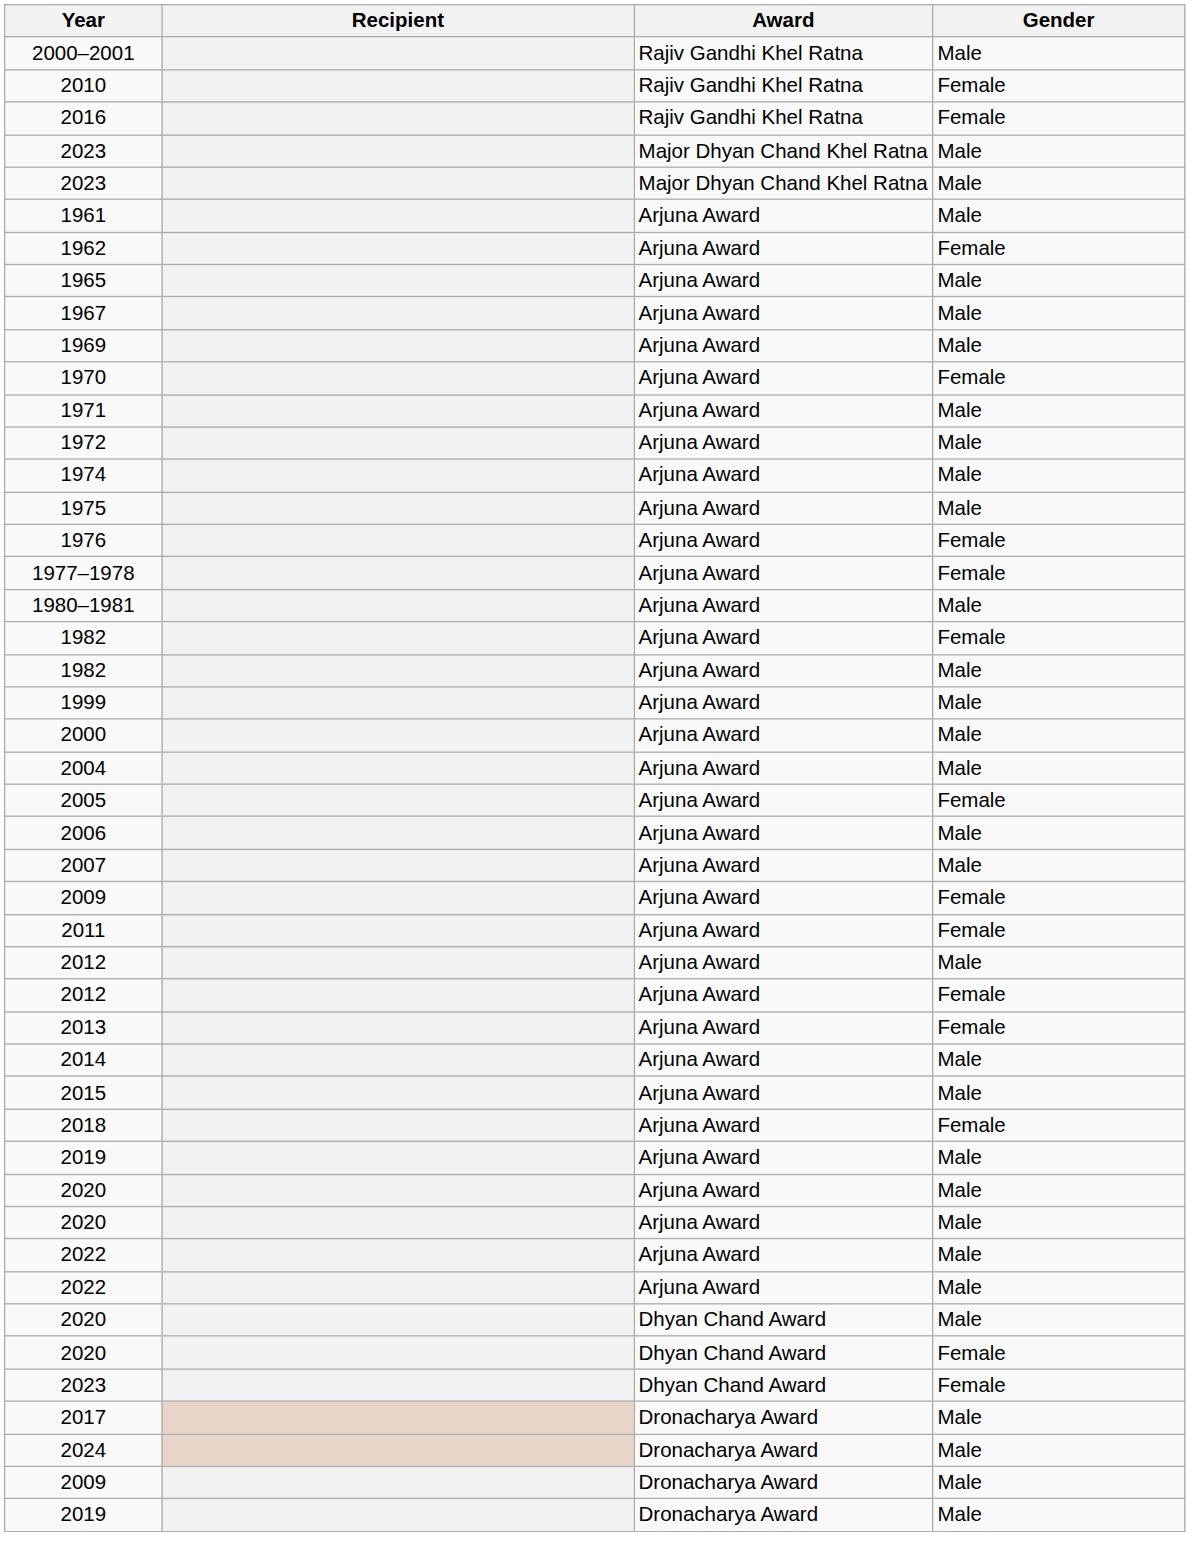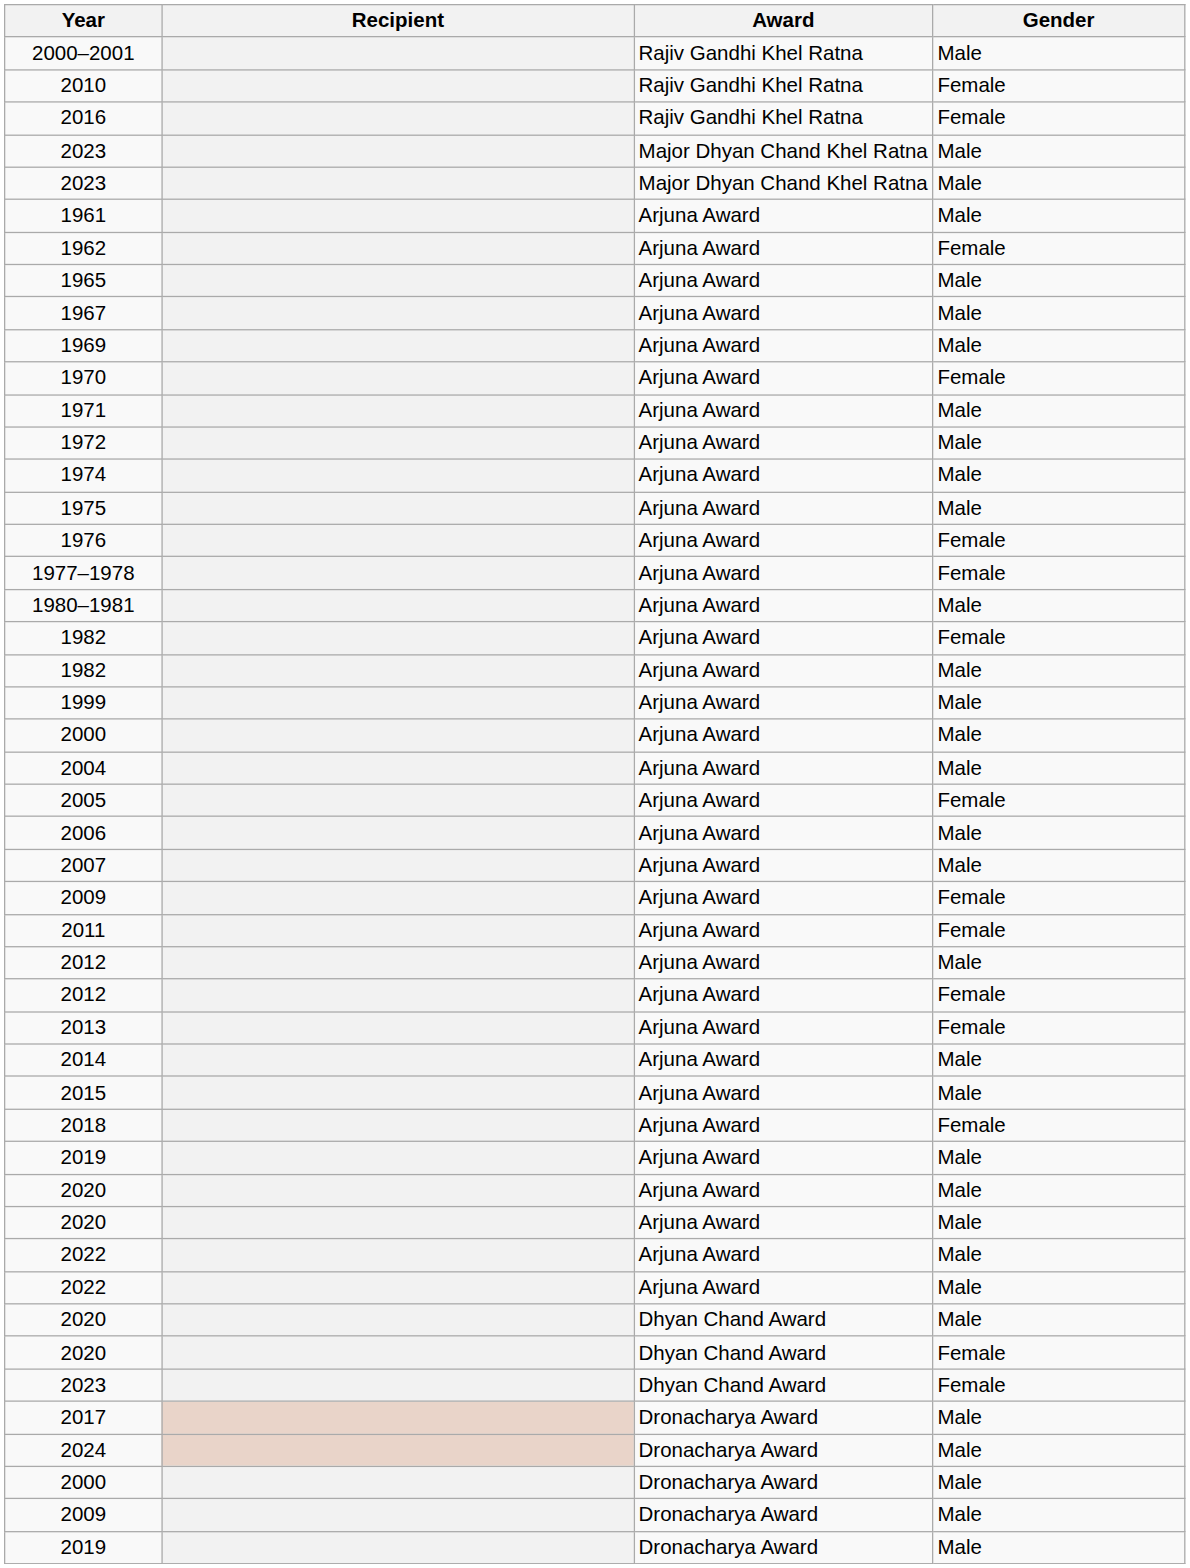 <table class="wikitable plainrowheaders sortable" style="width:73%">
 <tr>
 <th scope="col" style="width:10%">Year</th>
 <th scope="col" style="width:30%">Recipient</th>
 <th scope="col" style="width:19%">Award</th>
 <th scope="col" style="width:16%">Gender</th>
 </tr>
 <tr>
 <td style="text-align:center;">2000–2001</td>
 <th scope="row"></th>
 <td>Rajiv Gandhi Khel Ratna</td>
 <td>Male</td>
 </tr>
 <tr>
 <td style="text-align:center;">2010</td>
 <th scope="row"></th>
 <td>Rajiv Gandhi Khel Ratna</td>
 <td>Female</td>
 </tr>
 <tr>
 <td style="text-align:center;">2016</td>
 <th scope="row"></th>
 <td>Rajiv Gandhi Khel Ratna</td>
 <td>Female</td>
 </tr>
 <tr>
 <td style="text-align:center;">2023</td>
 <th scope="row"></th>
 <td>Major Dhyan Chand Khel Ratna</td>
 <td>Male</td>
 </tr>
 <tr>
 <td style="text-align:center;">2023</td>
 <th scope="row"></th>
 <td>Major Dhyan Chand Khel Ratna</td>
 <td>Male</td>
 </tr>
 <tr>
 <td style="text-align:center;">1961</td>
 <th scope="row"></th>
 <td>Arjuna Award</td>
 <td>Male</td>
 </tr>
 <tr>
 <td style="text-align:center;">1962</td>
 <th scope="row"></th>
 <td>Arjuna Award</td>
 <td>Female</td>
 </tr>
 <tr>
 <td style="text-align:center;">1965</td>
 <th scope="row"></th>
 <td>Arjuna Award</td>
 <td>Male</td>
 </tr>
 <tr>
 <td style="text-align:center;">1967</td>
 <th scope="row"></th>
 <td>Arjuna Award</td>
 <td>Male</td>
 </tr>
 <tr>
 <td style="text-align:center;">1969</td>
 <th scope="row"></th>
 <td>Arjuna Award</td>
 <td>Male</td>
 </tr>
 <tr>
 <td style="text-align:center;">1970</td>
 <th scope="row"></th>
 <td>Arjuna Award</td>
 <td>Female</td>
 </tr>
 <tr>
 <td style="text-align:center;">1971</td>
 <th scope="row"></th>
 <td>Arjuna Award</td>
 <td>Male</td>
 </tr>
 <tr>
 <td style="text-align:center;">1972</td>
 <th scope="row"></th>
 <td>Arjuna Award</td>
 <td>Male</td>
 </tr>
 <tr>
 <td style="text-align:center;">1974</td>
 <th scope="row"></th>
 <td>Arjuna Award</td>
 <td>Male</td>
 </tr>
 <tr>
 <td style="text-align:center;">1975</td>
 <th scope="row"></th>
 <td>Arjuna Award</td>
 <td>Male</td>
 </tr>
 <tr>
 <td style="text-align:center;">1976</td>
 <th scope="row"></th>
 <td>Arjuna Award</td>
 <td>Female</td>
 </tr>
 <tr>
 <td style="text-align:center;">1977–1978</td>
 <th scope="row"></th>
 <td>Arjuna Award</td>
 <td>Female</td>
 </tr>
 <tr>
 <td style="text-align:center;">1980–1981</td>
 <th scope="row"></th>
 <td>Arjuna Award</td>
 <td>Male</td>
 </tr>
 <tr>
 <td style="text-align:center;">1982</td>
 <th scope="row"></th>
 <td>Arjuna Award</td>
 <td>Female</td>
 </tr>
 <tr>
 <td style="text-align:center;">1982</td>
 <th scope="row"></th>
 <td>Arjuna Award</td>
 <td>Male</td>
 </tr>
 <tr>
 <td style="text-align:center;">1999</td>
 <th scope="row"></th>
 <td>Arjuna Award</td>
 <td>Male</td>
 </tr>
 <tr>
 <td style="text-align:center;">2000</td>
 <th scope="row"></th>
 <td>Arjuna Award</td>
 <td>Male</td>
 </tr>
 <tr>
 <td style="text-align:center;">2004</td>
 <th scope="row"></th>
 <td>Arjuna Award</td>
 <td>Male</td>
 </tr>
 <tr>
 <td style="text-align:center;">2005</td>
 <th scope="row"></th>
 <td>Arjuna Award</td>
 <td>Female</td>
 </tr>
 <tr>
 <td style="text-align:center;">2006</td>
 <th scope="row"></th>
 <td>Arjuna Award</td>
 <td>Male</td>
 </tr>
 <tr>
 <td style="text-align:center;">2007</td>
 <th scope="row"></th>
 <td>Arjuna Award</td>
 <td>Male</td>
 </tr>
 <tr>
 <td style="text-align:center;">2009</td>
 <th scope="row"></th>
 <td>Arjuna Award</td>
 <td>Female</td>
 </tr>
 <tr>
 <td style="text-align:center;">2011</td>
 <th scope="row"></th>
 <td>Arjuna Award</td>
 <td>Female</td>
 </tr>
 <tr>
 <td style="text-align:center;">2012</td>
 <th scope="row"></th>
 <td>Arjuna Award</td>
 <td>Male</td>
 </tr>
 <tr>
 <td style="text-align:center;">2012</td>
 <th scope="row"></th>
 <td>Arjuna Award</td>
 <td>Female</td>
 </tr>
 <tr>
 <td style="text-align:center;">2013</td>
 <th scope="row"></th>
 <td>Arjuna Award</td>
 <td>Female</td>
 </tr>
 <tr>
 <td style="text-align:center;">2014</td>
 <th scope="row"></th>
 <td>Arjuna Award</td>
 <td>Male</td>
 </tr>
 <tr>
 <td style="text-align:center;">2015</td>
 <th scope="row"></th>
 <td>Arjuna Award</td>
 <td>Male</td>
 </tr>
 <tr>
 <td style="text-align:center;">2018</td>
 <th scope="row"></th>
 <td>Arjuna Award</td>
 <td>Female</td>
 </tr>
 <tr>
 <td style="text-align:center;">2019</td>
 <th scope="row"></th>
 <td>Arjuna Award</td>
 <td>Male</td>
 </tr>
 <tr>
 <td style="text-align:center;">2020</td>
 <th scope="row"></th>
 <td>Arjuna Award</td>
 <td>Male</td>
 </tr>
 <tr>
 <td style="text-align:center;">2020</td>
 <th scope="row"></th>
 <td>Arjuna Award</td>
 <td>Male</td>
 </tr>
 <tr>
 <td style="text-align:center;">2022</td>
 <th scope="row"></th>
 <td>Arjuna Award</td>
 <td>Male</td>
 </tr>
 <tr>
 <td style="text-align:center;">2022</td>
 <th scope="row"></th>
 <td>Arjuna Award</td>
 <td>Male</td>
 </tr>
 <tr>
 <td style="text-align:center;">2020</td>
 <th scope="row"></th>
 <td>Dhyan Chand Award</td>
 <td>Male</td>
 </tr>
 <tr>
 <td style="text-align:center;">2020</td>
 <th scope="row"></th>
 <td>Dhyan Chand Award</td>
 <td>Female</td>
 </tr>
 <tr>
 <td style="text-align:center;">2023</td>
 <th scope="row"></th>
 <td>Dhyan Chand Award</td>
 <td>Female</td>
 </tr>
 <tr>
 <td style="text-align:center;">2017</td>
 <th scope="row" style="background-color:#E9D4C9"> </th>
 <td>Dronacharya Award</td>
 <td>Male</td>
 </tr>
 <tr>
 <td style="text-align:center;">2024</td>
 <th scope="row" style="background-color:#E9D4C9"> </th>
 <td>Dronacharya Award</td>
 <td>Male</td>
 </tr>
 <tr>
+<td style="text-align:center;">2000</td>
+<th scope="row"></th>
+<td>Dronacharya Award</td>
+<td>Male</td>
+</tr>
+<tr>
 <td style="text-align:center;">2009</td>
 <th scope="row"></th>
 <td>Dronacharya Award</td>
 <td>Male</td>
 </tr>
 <tr>
 <td style="text-align:center;">2019</td>
 <th scope="row"></th>
 <td>Dronacharya Award</td>
 <td>Male</td>
 </tr>
 </table>
